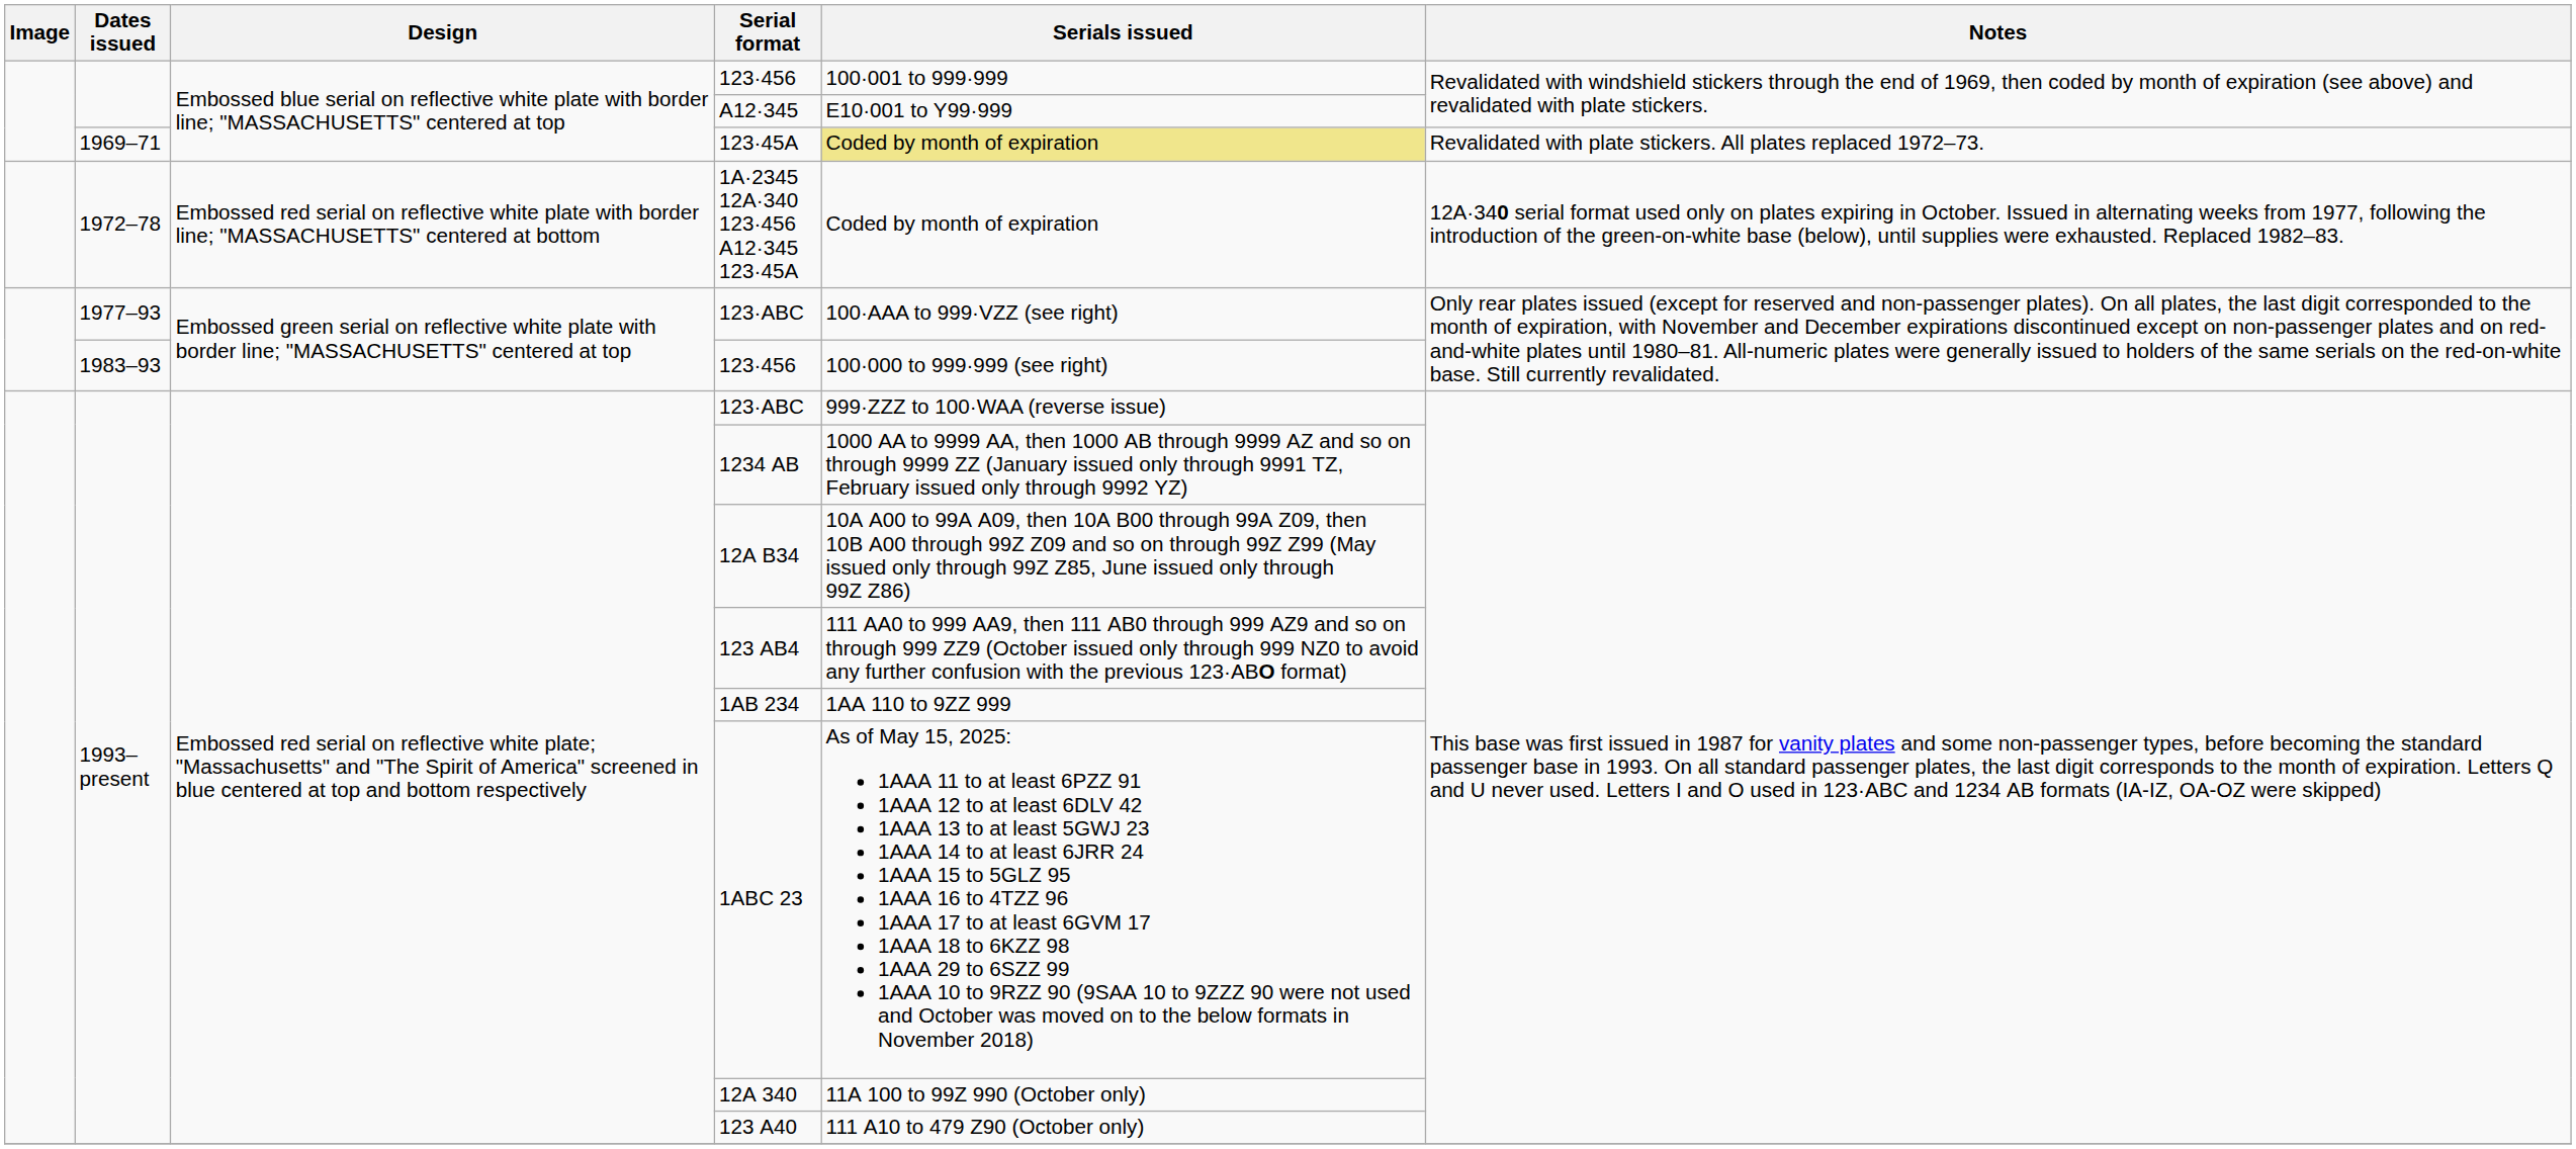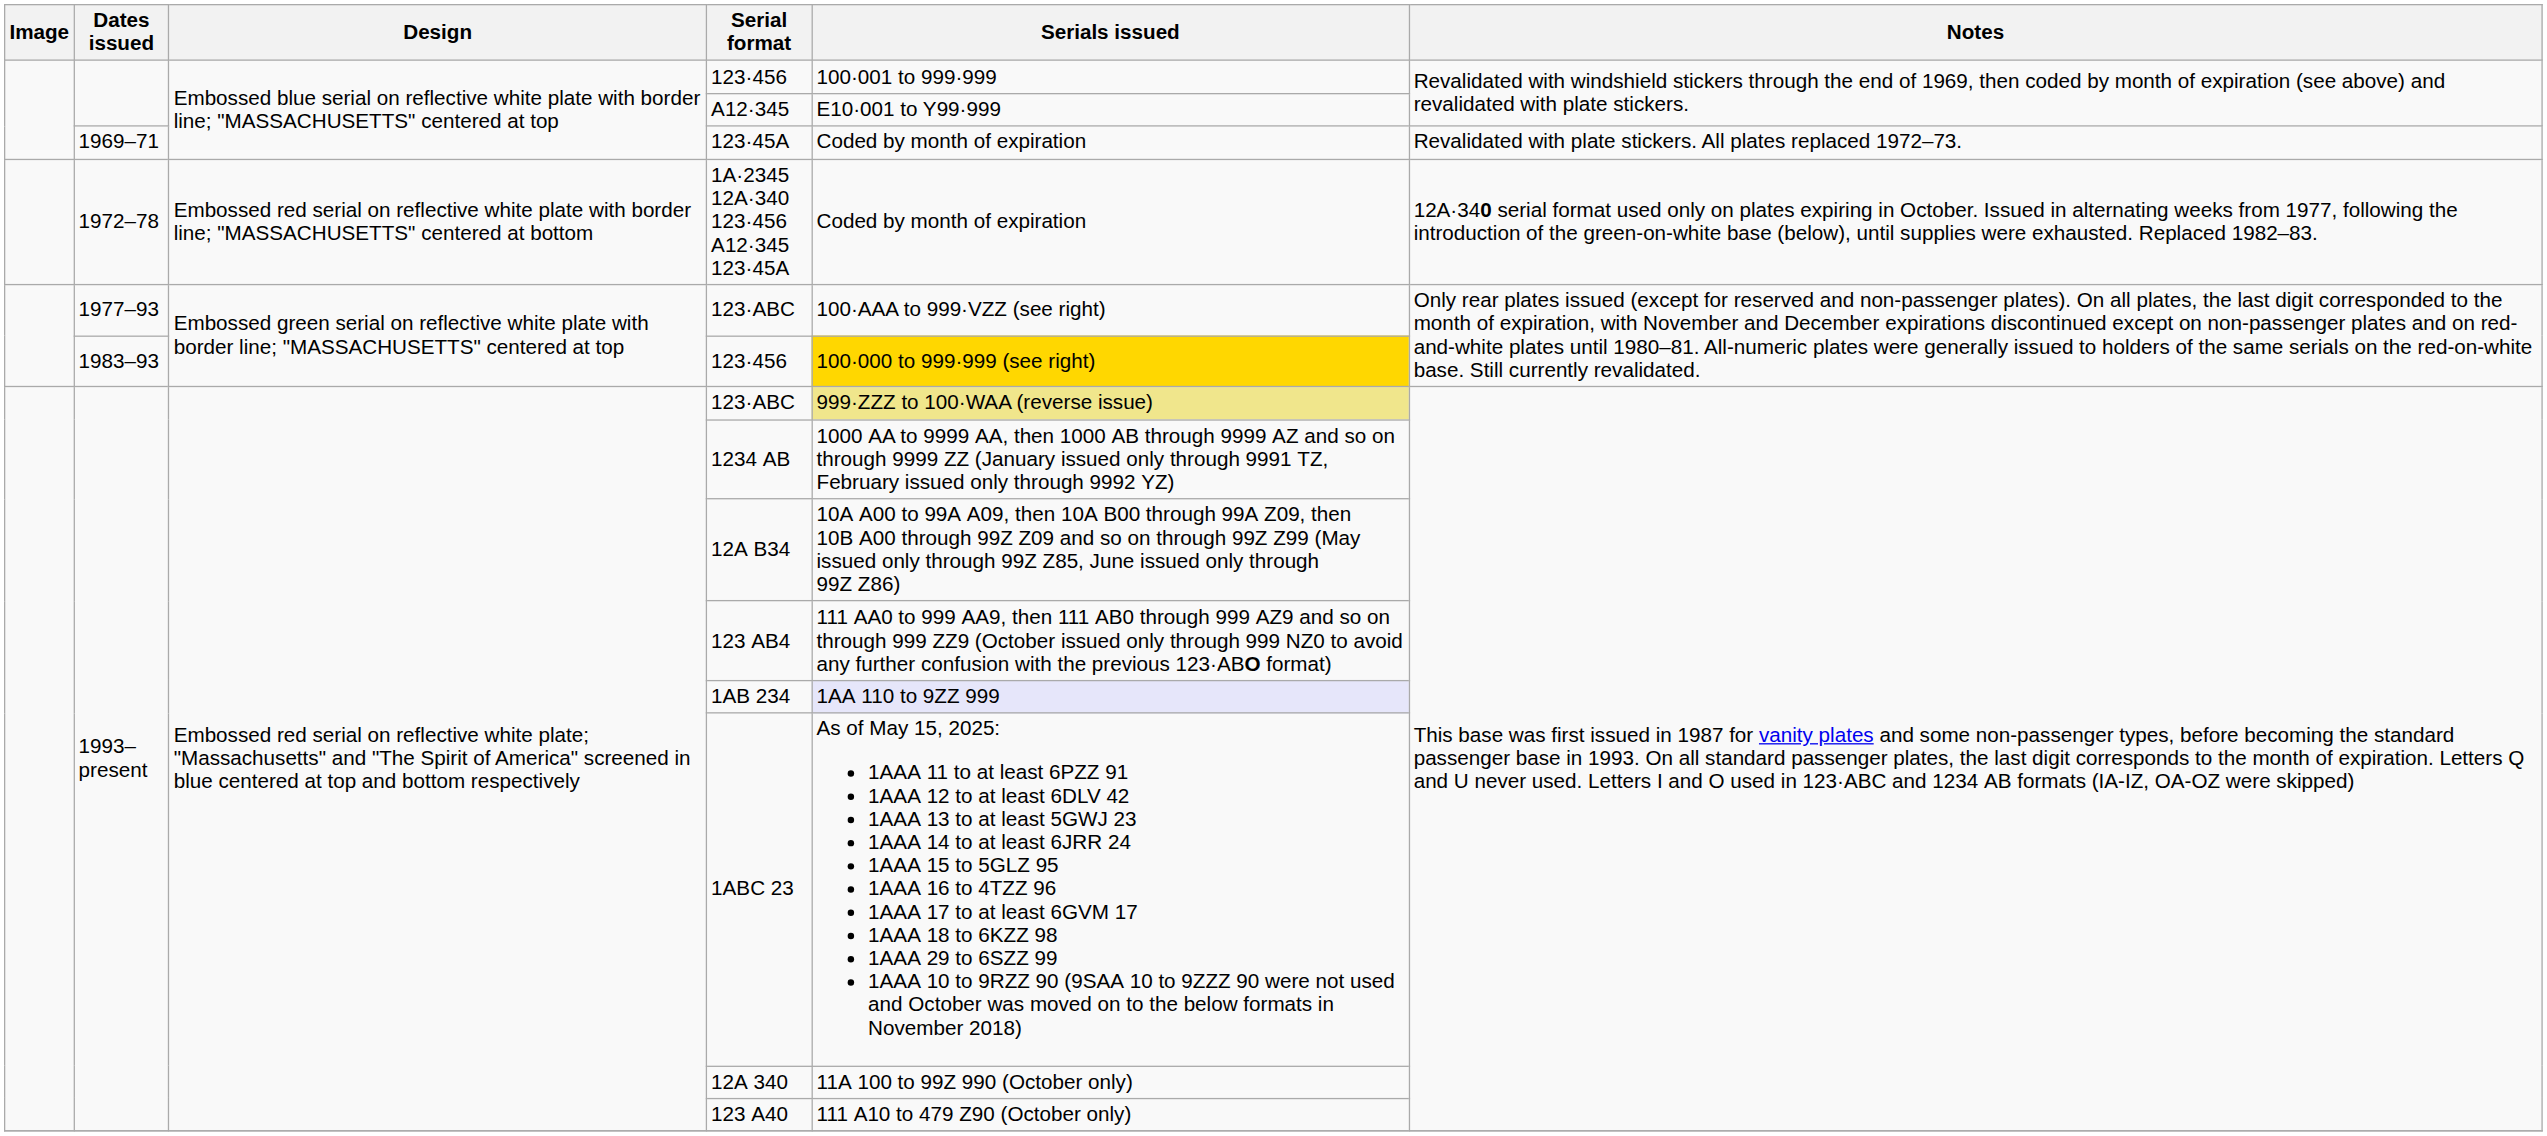 <table class="wikitable">
 <tr>
 <th>Image</th>
 <th>Dates issued</th>
 <th>Design</th>
 <th>Serial format</th>
 <th>Serials issued</th>
 <th>Notes</th>
 </tr>
 <tr>
 <td rowspan="3"></td>
 <td rowspan="2"></td>
 <td rowspan="3">Embossed blue serial on reflective white plate with border line; "MASSACHUSETTS" centered at top</td>
 <td>123·456</td>
 <td>100·001 to 999·999</td>
 <td rowspan="2">Revalidated with windshield stickers through the end of 1969, then coded by month of expiration (see above) and revalidated with plate stickers.</td>
 </tr>
 <tr>
 <td>A12·345</td>
 <td>E10·001 to Y99·999</td>
 </tr>
 <tr>
 <td>1969–71</td>
 <td>123·45A</td>
-<td style="background: khaki;">Coded by month of expiration</td>
+<td>Coded by month of expiration</td>
 <td>Revalidated with plate stickers. All plates replaced 1972–73.</td>
 </tr>
 <tr>
 <td></td>
 <td>1972–78</td>
 <td>Embossed red serial on reflective white plate with border line; "MASSACHUSETTS" centered at bottom</td>
 <td>1A·2345<br>12A·340<br>123·456<br>A12·345<br>123·45A</td>
 <td>Coded by month of expiration</td>
 <td>12A·34<strong>0</strong> serial format used only on plates expiring in October. Issued in alternating weeks from 1977, following the introduction of the green-on-white base (below), until supplies were exhausted. Replaced 1982–83.</td>
 </tr>
 <tr>
 <td rowspan="2"></td>
 <td>1977–93</td>
 <td rowspan="2">Embossed green serial on reflective white plate with border line; "MASSACHUSETTS" centered at top</td>
 <td>123·ABC</td>
 <td>100·AAA to 999·VZZ (see right)</td>
 <td rowspan="2">Only rear plates issued (except for reserved and non-passenger plates). On all plates, the last digit corresponded to the month of expiration, with November and December expirations discontinued except on non-passenger plates and on red-and-white plates until 1980–81. All-numeric plates were generally issued to holders of the same serials on the red-on-white base. Still currently revalidated.</td>
 </tr>
 <tr>
 <td>1983–93</td>
 <td>123·456</td>
-<td>100·000 to 999·999 (see right)</td>
+<td style="background: gold;">100·000 to 999·999 (see right)</td>
 </tr>
 <tr>
 <td rowspan="8"><br></td>
 <td rowspan="8">1993–present</td>
 <td rowspan="8">Embossed red serial on reflective white plate; "Massachusetts" and "The Spirit of America" screened in blue centered at top and bottom respectively</td>
 <td>123·ABC</td>
-<td>999·ZZZ to 100·WAA (reverse issue)</td>
+<td style="background: khaki;">999·ZZZ to 100·WAA (reverse issue)</td>
 <td rowspan="8">This base was first issued in 1987 for <a href='#'>vanity plates</a> and some non-passenger types, before becoming the standard passenger base in 1993. On all standard passenger plates, the last digit corresponds to the month of expiration. Letters Q and U never used. Letters I and O used in 123·ABC and 1234 AB formats (IA-IZ, OA-OZ were skipped)</td>
 </tr>
 <tr>
 <td>1234 AB</td>
 <td>1000 AA to 9999 AA, then 1000 AB through 9999 AZ and so on  through 9999 ZZ (January issued only through 9991 TZ, February issued only through 9992 YZ)</td>
 </tr>
 <tr>
 <td>12A B34</td>
 <td>10A A00 to 99A A09, then 10A B00 through 99A Z09, then 10B A00 through 99Z Z09 and so on through 99Z Z99 (May issued only through 99Z Z85, June issued only through 99Z Z86)</td>
 </tr>
 <tr>
 <td>123 AB4</td>
 <td>111 AA0 to 999 AA9, then 111 AB0 through 999 AZ9 and so on through 999 ZZ9 (October issued only through 999 NZ0 to avoid any further confusion with the previous 123·AB<strong>O</strong> format)</td>
 </tr>
 <tr>
 <td>1AB 234</td>
-<td>1AA 110 to 9ZZ 999</td>
+<td style="background: lavender;">1AA 110 to 9ZZ 999</td>
 </tr>
 <tr>
 <td>1ABC 23</td>
 <td>As of May 15, 2025:<br><ul><li>1AAA 11 to at least 6PZZ 91</li><li>1AAA 12 to at least 6DLV 42</li><li>1AAA 13 to at least 5GWJ 23</li><li>1AAA 14 to at least 6JRR 24</li><li>1AAA 15 to 5GLZ 95</li><li>1AAA 16 to 4TZZ 96</li><li>1AAA 17 to at least 6GVM 17</li><li>1AAA 18 to 6KZZ 98</li><li>1AAA 29 to 6SZZ 99</li><li>1AAA 10 to 9RZZ 90 (9SAA 10 to 9ZZZ 90 were not used and October was moved on to the below formats in November 2018)</li></ul></td>
 </tr>
 <tr>
 <td>12A 340</td>
 <td>11A 100 to 99Z 990 (October only)</td>
 </tr>
 <tr>
 <td>123 A40</td>
 <td>111 A10 to 479 Z90 (October only)</td>
 </tr>
 <tr>
 </tr>
 </table>
